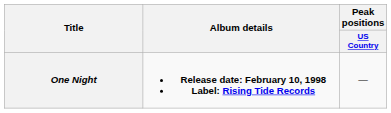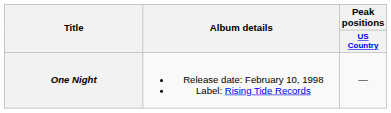 <table class="wikitable plainrowheaders" style="text-align:center;">
 <tr>
 <th rowspan="2" style="width:14em;">Title</th>
 <th rowspan="2" style="width:20em;">Album details</th>
 <th colspan="1">Peak positions</th>
 </tr>
 <tr style="font-size:smaller;">
 <th width="60"><a href='#'>US Country</a></th>
 </tr>
 <tr>
 <th scope="row"><em>One Night</em></th>
-<td><strong><br><ul><li>Release date: February 10, 1998</li><li>Label: <a href='#'>Rising Tide Records</a></li></ul></strong></td>
+<td><br><ul><li>Release date: February 10, 1998</li><li>Label: <a href='#'>Rising Tide Records</a></li></ul></td>
 <td>—</td>
 </tr>
 </table>
